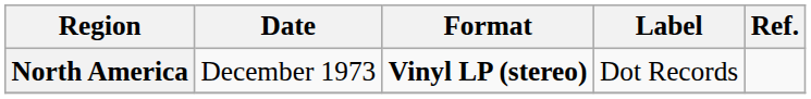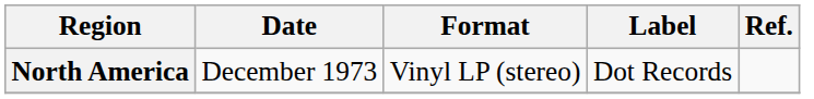 <table class="wikitable plainrowheaders">
 <tr>
 <th scope="col">Region</th>
 <th scope="col">Date</th>
 <th scope="col">Format</th>
 <th scope="col">Label</th>
 <th scope="col">Ref.</th>
 </tr>
 <tr>
 <th scope="row">North America</th>
 <td>December 1973</td>
-<td><strong>Vinyl LP (stereo)</strong></td>
+<td>Vinyl LP (stereo)</td>
 <td>Dot Records</td>
 <td></td>
 </tr>
 <tr>
 </tr>
 </table>
